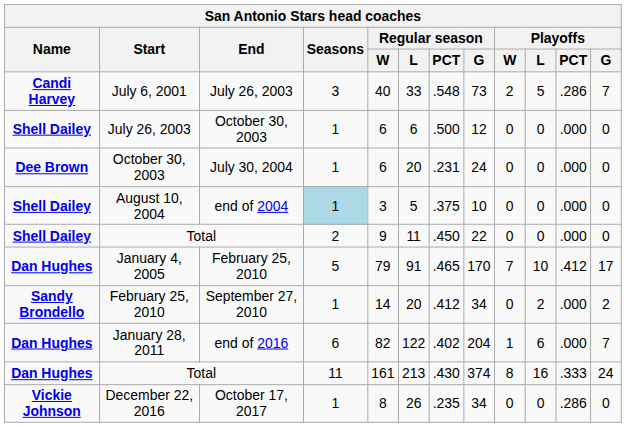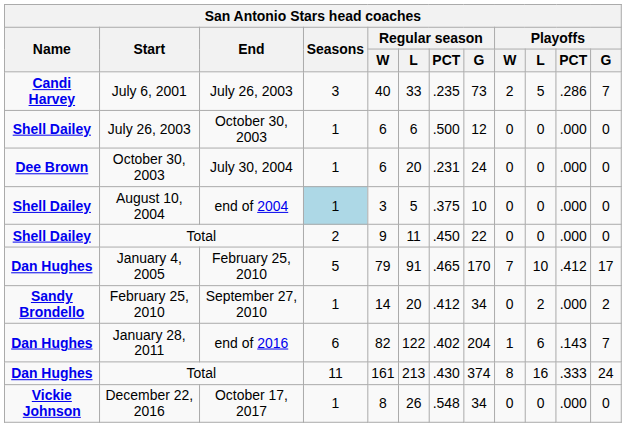 <table class="wikitable" style="clear:both; margin:1.5em auto; font-size:88%; text-align:center;">
 <tr>
 <th colspan=12>San Antonio Stars head coaches</th>
 </tr>
 <tr>
 <th rowspan=2>Name</th>
 <th rowspan=2>Start</th>
 <th rowspan=2>End</th>
 <th rowspan=2>Seasons</th>
 <th colspan=4>Regular season</th>
 <th colspan=4>Playoffs</th>
 </tr>
 <tr>
 <th>W</th>
 <th>L</th>
 <th>PCT</th>
 <th>G</th>
 <th>W</th>
 <th>L</th>
 <th>PCT</th>
 <th>G</th>
 </tr>
 <tr>
 <td><strong><a href='#'>Candi Harvey</a></strong></td>
 <td>July 6, 2001</td>
 <td>July 26, 2003</td>
 <td>3</td>
 <td width="5%">40</td>
 <td width="5%">33</td>
-<td width="5%">.548</td>
+<td width="5%">.235</td>
 <td width="5%">73</td>
 <td width="5%">2</td>
 <td width="5%">5</td>
 <td width="5%">.286</td>
 <td width="5%">7</td>
 </tr>
 <tr>
 <td><strong><a href='#'>Shell Dailey</a></strong></td>
 <td>July 26, 2003</td>
 <td>October 30, 2003</td>
 <td>1</td>
 <td width="5%">6</td>
 <td width="5%">6</td>
 <td width="5%">.500</td>
 <td width="5%">12</td>
 <td width="5%">0</td>
 <td width="5%">0</td>
 <td width="5%">.000</td>
 <td width="5%">0</td>
 </tr>
 <tr>
 <td><strong><a href='#'>Dee Brown</a></strong></td>
 <td>October 30, 2003</td>
 <td>July 30, 2004</td>
 <td>1</td>
 <td width="5%">6</td>
 <td width="5%">20</td>
 <td width="5%">.231</td>
 <td width="5%">24</td>
 <td width="5%">0</td>
 <td width="5%">0</td>
 <td width="5%">.000</td>
 <td width="5%">0</td>
 </tr>
 <tr>
 <td><strong><a href='#'>Shell Dailey</a></strong></td>
 <td>August 10, 2004</td>
 <td>end of <a href='#'>2004</a></td>
 <td style="background: lightblue;">1</td>
 <td width="5%">3</td>
 <td width="5%">5</td>
 <td width="5%">.375</td>
 <td width="5%">10</td>
 <td width="5%">0</td>
 <td width="5%">0</td>
 <td width="5%">.000</td>
 <td width="5%">0</td>
 </tr>
 <tr>
 <td><strong><a href='#'>Shell Dailey</a></strong></td>
 <td colspan=2>Total</td>
 <td>2</td>
 <td width="5%">9</td>
 <td width="5%">11</td>
 <td width="5%">.450</td>
 <td width="5%">22</td>
 <td width="5%">0</td>
 <td width="5%">0</td>
 <td width="5%">.000</td>
 <td width="5%">0</td>
 </tr>
 <tr>
 <td><strong><a href='#'>Dan Hughes</a></strong></td>
 <td>January 4, 2005</td>
 <td>February 25, 2010</td>
 <td>5</td>
 <td width="5%">79</td>
 <td width="5%">91</td>
 <td width="5%">.465</td>
 <td width="5%">170</td>
 <td width="5%">7</td>
 <td width="5%">10</td>
 <td width="5%">.412</td>
 <td width="5%">17</td>
 </tr>
 <tr>
 <td><strong><a href='#'>Sandy Brondello</a></strong></td>
 <td>February 25, 2010</td>
 <td>September 27, 2010</td>
 <td>1</td>
 <td width="5%">14</td>
 <td width="5%">20</td>
 <td width="5%">.412</td>
 <td width="5%">34</td>
 <td width="5%">0</td>
 <td width="5%">2</td>
 <td width="5%">.000</td>
 <td width="5%">2</td>
 </tr>
 <tr>
 <td><strong><a href='#'>Dan Hughes</a></strong></td>
 <td>January 28, 2011</td>
 <td>end of <a href='#'>2016</a></td>
 <td>6</td>
 <td width="5%">82</td>
 <td width="5%">122</td>
 <td width="5%">.402</td>
 <td width="5%">204</td>
 <td width="5%">1</td>
 <td width="5%">6</td>
-<td width="5%">.000</td>
+<td width="5%">.143</td>
 <td width="5%">7</td>
 </tr>
 <tr>
 <td><strong><a href='#'>Dan Hughes</a></strong></td>
 <td colspan=2>Total</td>
 <td>11</td>
 <td width="5%">161</td>
 <td width="5%">213</td>
 <td width="5%">.430</td>
 <td width="5%">374</td>
 <td width="5%">8</td>
 <td width="5%">16</td>
 <td width="5%">.333</td>
 <td width="5%">24</td>
 </tr>
 <tr>
 <td><strong><a href='#'>Vickie Johnson</a></strong></td>
 <td>December 22, 2016</td>
 <td>October 17, 2017</td>
 <td>1</td>
 <td width="5%">8</td>
 <td width="5%">26</td>
-<td width="5%">.235</td>
+<td width="5%">.548</td>
 <td width="5%">34</td>
 <td width="5%">0</td>
 <td width="5%">0</td>
-<td width="5%">.286</td>
+<td width="5%">.000</td>
 <td width="5%">0</td>
 </tr>
 </table>
